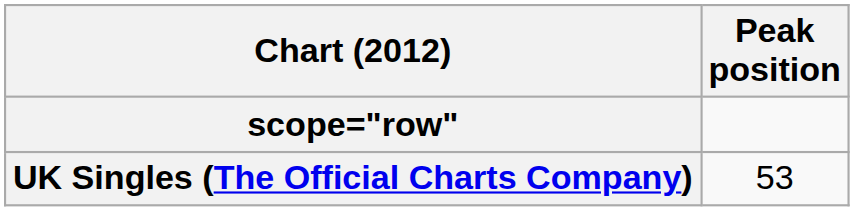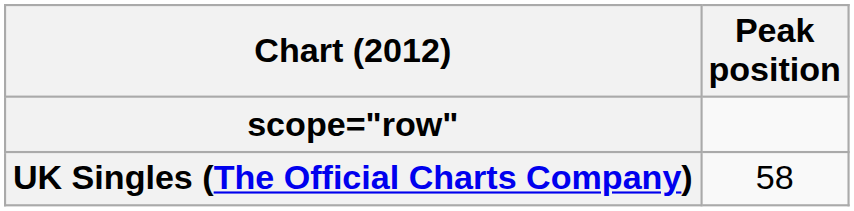 <table class="wikitable plainrowheaders sortable" style="text-align:center;">
 <tr>
 <th scope="col">Chart (2012)</th>
 <th scope="col">Peak<br>position</th>
 </tr>
 <tr>
 <th>scope="row" </th>
 </tr>
 <tr>
 <th scope="row">UK Singles (<a href='#'>The Official Charts Company</a>)</th>
-<td>53</td>
+<td>58</td>
 </tr>
 </table>
